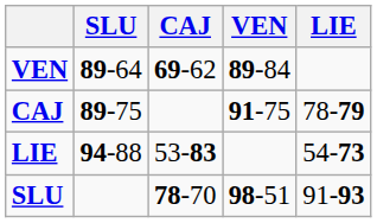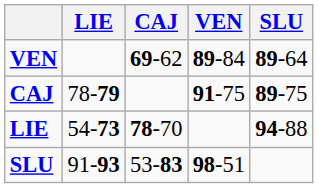 <table class="wikitable">
 <tr>
 <th></th>
-<th> <strong><a href='#'>SLU</a></strong></th>
+<th> <a href='#'><strong>LIE</strong></a></th>
 <th> <a href='#'>CAJ</a></th>
 <th> <a href='#'><strong>VEN</strong></a></th>
-<th> <a href='#'><strong>LIE</strong></a></th>
+<th> <strong><a href='#'>SLU</a></strong></th>
 </tr>
 <tr>
 <td> <a href='#'><strong>VEN</strong></a></td>
-<td><strong>89</strong>-64</td>
+<td></td>
 <td><strong>69</strong>-62</td>
 <td><strong>89</strong>-84</td>
-<td></td>
+<td><strong>89</strong>-64</td>
 </tr>
 <tr>
 <td> <a href='#'><strong>CAJ</strong></a></td>
-<td><strong>89</strong>-75</td>
+<td>78-<strong>79</strong></td>
 <td></td>
 <td><strong>91</strong>-75</td>
-<td>78-<strong>79</strong></td>
+<td><strong>89</strong>-75</td>
 </tr>
 <tr>
 <td> <a href='#'><strong>LIE</strong></a></td>
+<td>54-<strong>73</strong></td>
+<td><strong>78</strong>-70</td>
+<td></td>
 <td><strong>94</strong>-88</td>
-<td>53-<strong>83</strong></td>
-<td></td>
-<td>54-<strong>73</strong></td>
 </tr>
 <tr>
 <td> <strong><a href='#'>SLU</a></strong></td>
+<td>91-<strong>93</strong></td>
+<td>53-<strong>83</strong></td>
+<td><strong>98</strong>-51</td>
 <td></td>
-<td><strong>78</strong>-70</td>
-<td><strong>98</strong>-51</td>
-<td>91-<strong>93</strong></td>
 </tr>
 </table>
